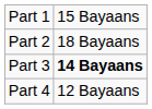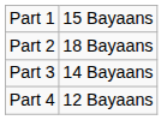 <table class="wikitable">
 <tr>
 <td>Part 1</td>
 <td>15 Bayaans</td>
 </tr>
 <tr>
 <td>Part 2</td>
 <td>18 Bayaans</td>
 </tr>
 <tr>
 <td>Part 3</td>
-<td><strong>14 Bayaans</strong></td>
+<td>14 Bayaans</td>
 </tr>
 <tr>
 <td>Part 4</td>
 <td>12 Bayaans</td>
 </tr>
 </table>
